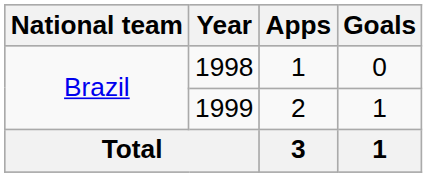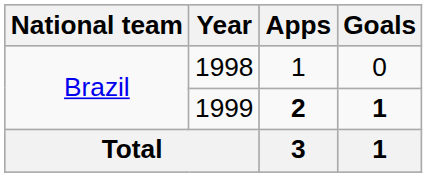 <table class="wikitable" style="text-align:center">
 <tr>
 <th>National team</th>
 <th>Year</th>
 <th>Apps</th>
 <th>Goals</th>
 </tr>
 <tr>
 <td rowspan="2"><a href='#'>Brazil</a></td>
 <td>1998</td>
 <td>1</td>
 <td>0</td>
 </tr>
 <tr>
 <td>1999</td>
-<td>2</td>
-<td>1</td>
+<td><strong>2</strong></td>
+<td><strong>1</strong></td>
 </tr>
 <tr>
 <th colspan="2">Total</th>
 <th>3</th>
 <th>1</th>
 </tr>
 </table>
